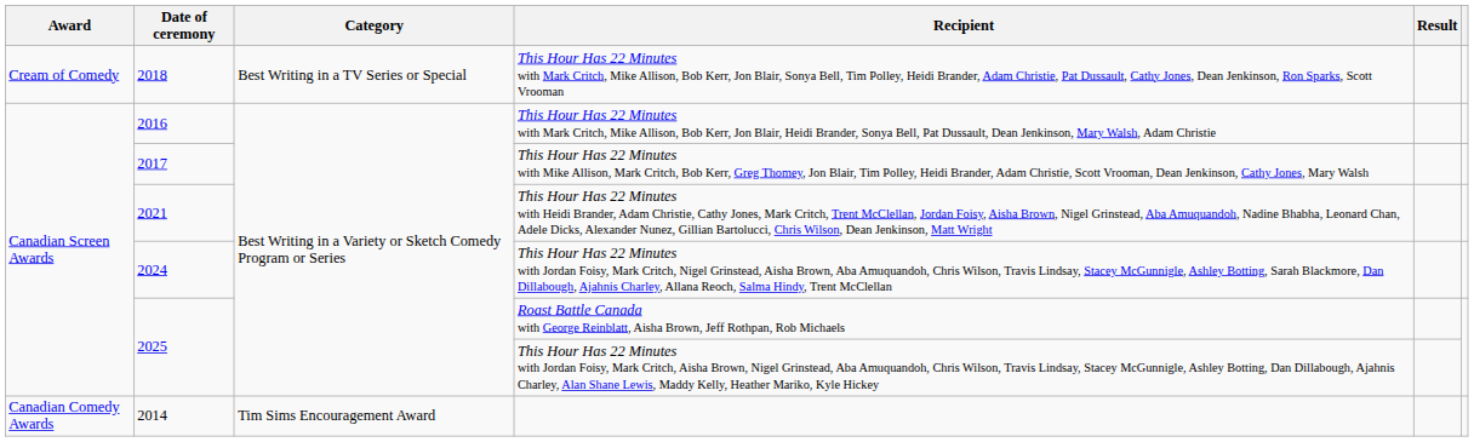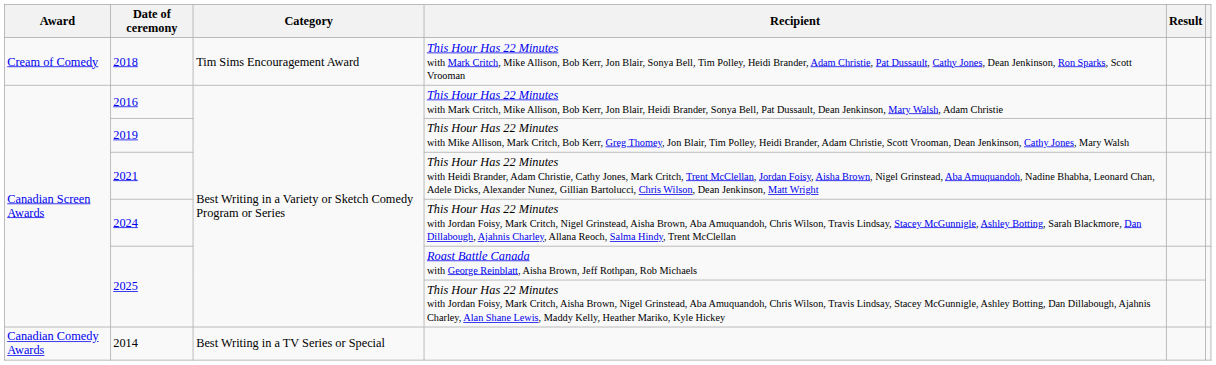 <table class="wikitable sortable plainrowheaders">
 <tr>
 <th scope="col">Award</th>
 <th scope="col">Date of ceremony</th>
 <th scope="col">Category</th>
 <th scope="col">Recipient</th>
 <th scope="col">Result</th>
 <th scope="col" class="unsortable"></th>
 </tr>
 <tr>
 <td><a href='#'>Cream of Comedy</a></td>
 <td><a href='#'>2018</a></td>
-<td>Best Writing in a TV Series or Special</td>
+<td>Tim Sims Encouragement Award</td>
 <td><em><a href='#'>This Hour Has 22 Minutes</a></em><br><small>with <a href='#'>Mark Critch</a>, Mike Allison, Bob Kerr, Jon Blair, Sonya Bell, Tim Polley, Heidi Brander, <a href='#'>Adam Christie</a>, <a href='#'>Pat Dussault</a>, <a href='#'>Cathy Jones</a>, Dean Jenkinson, <a href='#'>Ron Sparks</a>, Scott Vrooman</small></td>
 <td></td>
 <td></td>
 </tr>
 <tr>
 <td rowspan=6><a href='#'>Canadian Screen Awards</a></td>
 <td><a href='#'>2016</a></td>
 <td rowspan=6>Best Writing in a Variety or Sketch Comedy Program or Series</td>
 <td><em><a href='#'>This Hour Has 22 Minutes</a></em><br><small>with Mark Critch, Mike Allison, Bob Kerr, Jon Blair, Heidi Brander, Sonya Bell, Pat Dussault, Dean Jenkinson, <a href='#'>Mary Walsh</a>, Adam Christie</small></td>
 <td></td>
 <td></td>
 </tr>
 <tr>
-<td><a href='#'>2017</a></td>
+<td><a href='#'>2019</a></td>
 <td><em>This Hour Has 22 Minutes</em><br><small>with Mike Allison, Mark Critch, Bob Kerr, <a href='#'>Greg Thomey</a>, Jon Blair, Tim Polley, Heidi Brander, Adam Christie, Scott Vrooman, Dean Jenkinson, <a href='#'>Cathy Jones</a>, Mary Walsh</small></td>
 <td></td>
 <td></td>
 </tr>
 <tr>
 <td><a href='#'>2021</a></td>
 <td><em>This Hour Has 22 Minutes</em><br><small>with Heidi Brander, Adam Christie, Cathy Jones, Mark Critch, <a href='#'>Trent McClellan</a>, <a href='#'>Jordan Foisy</a>, <a href='#'>Aisha Brown</a>, Nigel Grinstead, <a href='#'>Aba Amuquandoh</a>, Nadine Bhabha, Leonard Chan, Adele Dicks, Alexander Nunez, Gillian Bartolucci, <a href='#'>Chris Wilson</a>, Dean Jenkinson, <a href='#'>Matt Wright</a></small></td>
 <td></td>
 <td></td>
 </tr>
 <tr>
 <td><a href='#'>2024</a></td>
 <td><em>This Hour Has 22 Minutes</em><br><small>with Jordan Foisy, Mark Critch, Nigel Grinstead, Aisha Brown, Aba Amuquandoh, Chris Wilson, Travis Lindsay, <a href='#'>Stacey McGunnigle</a>, <a href='#'>Ashley Botting</a>, Sarah Blackmore, <a href='#'>Dan Dillabough</a>, <a href='#'>Ajahnis Charley</a>, Allana Reoch, <a href='#'>Salma Hindy</a>, Trent McClellan</small></td>
 <td></td>
 <td></td>
 </tr>
 <tr>
 <td rowspan=2><a href='#'>2025</a></td>
 <td><em><a href='#'>Roast Battle Canada</a></em><br><small>with <a href='#'>George Reinblatt</a>, Aisha Brown, Jeff Rothpan, Rob Michaels</small></td>
 <td></td>
 <td rowspan=2></td>
 </tr>
 <tr>
 <td><em>This Hour Has 22 Minutes</em><br><small>with Jordan Foisy, Mark Critch, Aisha Brown, Nigel Grinstead, Aba Amuquandoh, Chris Wilson, Travis Lindsay, Stacey McGunnigle, Ashley Botting, Dan Dillabough, Ajahnis Charley, <a href='#'>Alan Shane Lewis</a>, Maddy Kelly, Heather Mariko, Kyle Hickey</small></td>
 <td></td>
 </tr>
 <tr>
 <td><a href='#'>Canadian Comedy Awards</a></td>
 <td>2014</td>
-<td>Tim Sims Encouragement Award</td>
+<td>Best Writing in a TV Series or Special</td>
 <td></td>
 <td></td>
 <td></td>
 </tr>
 </table>
